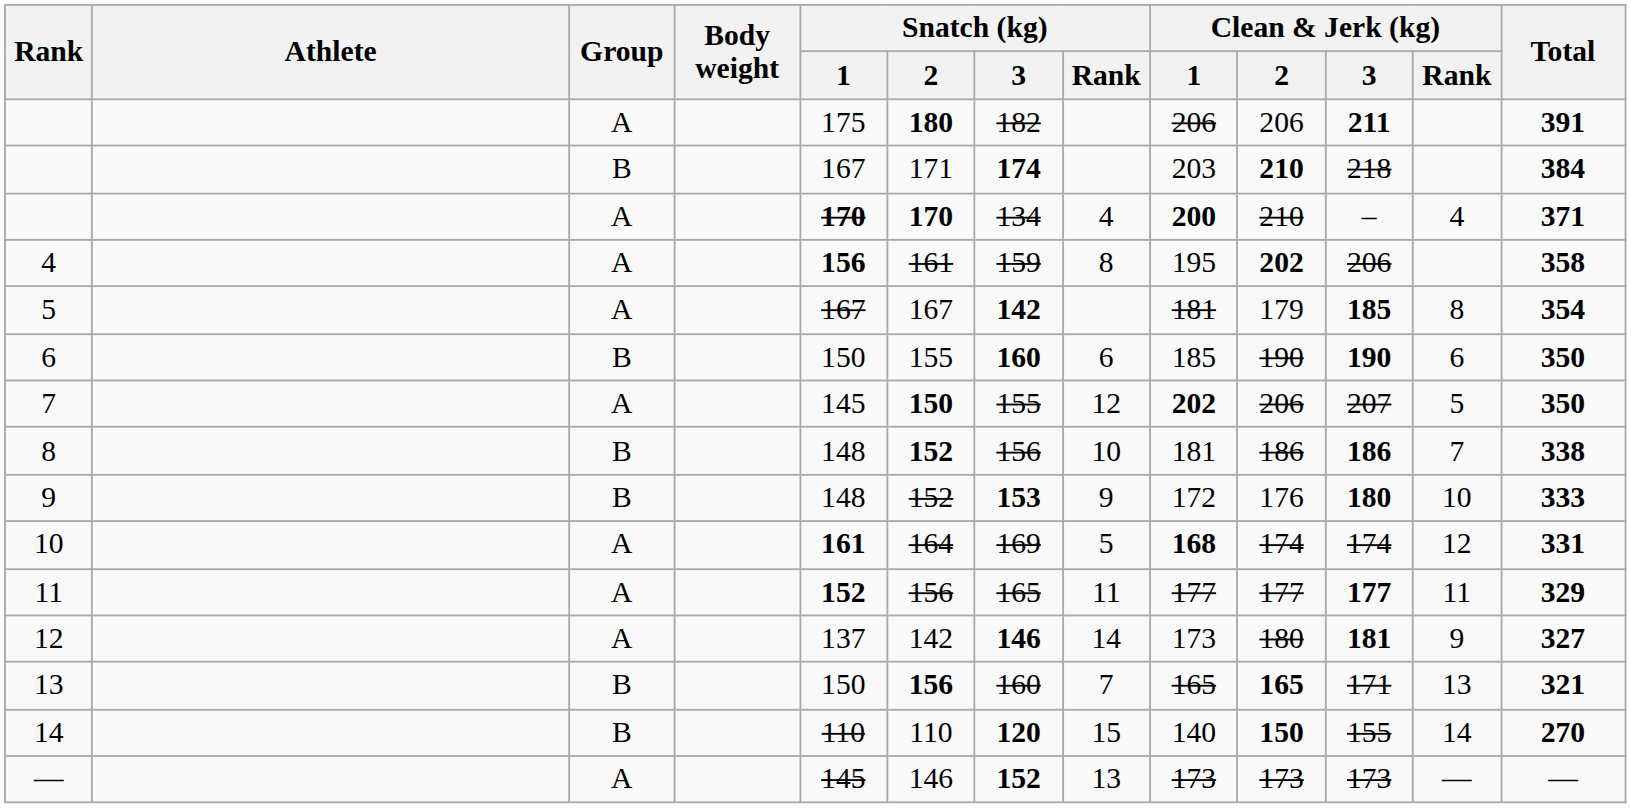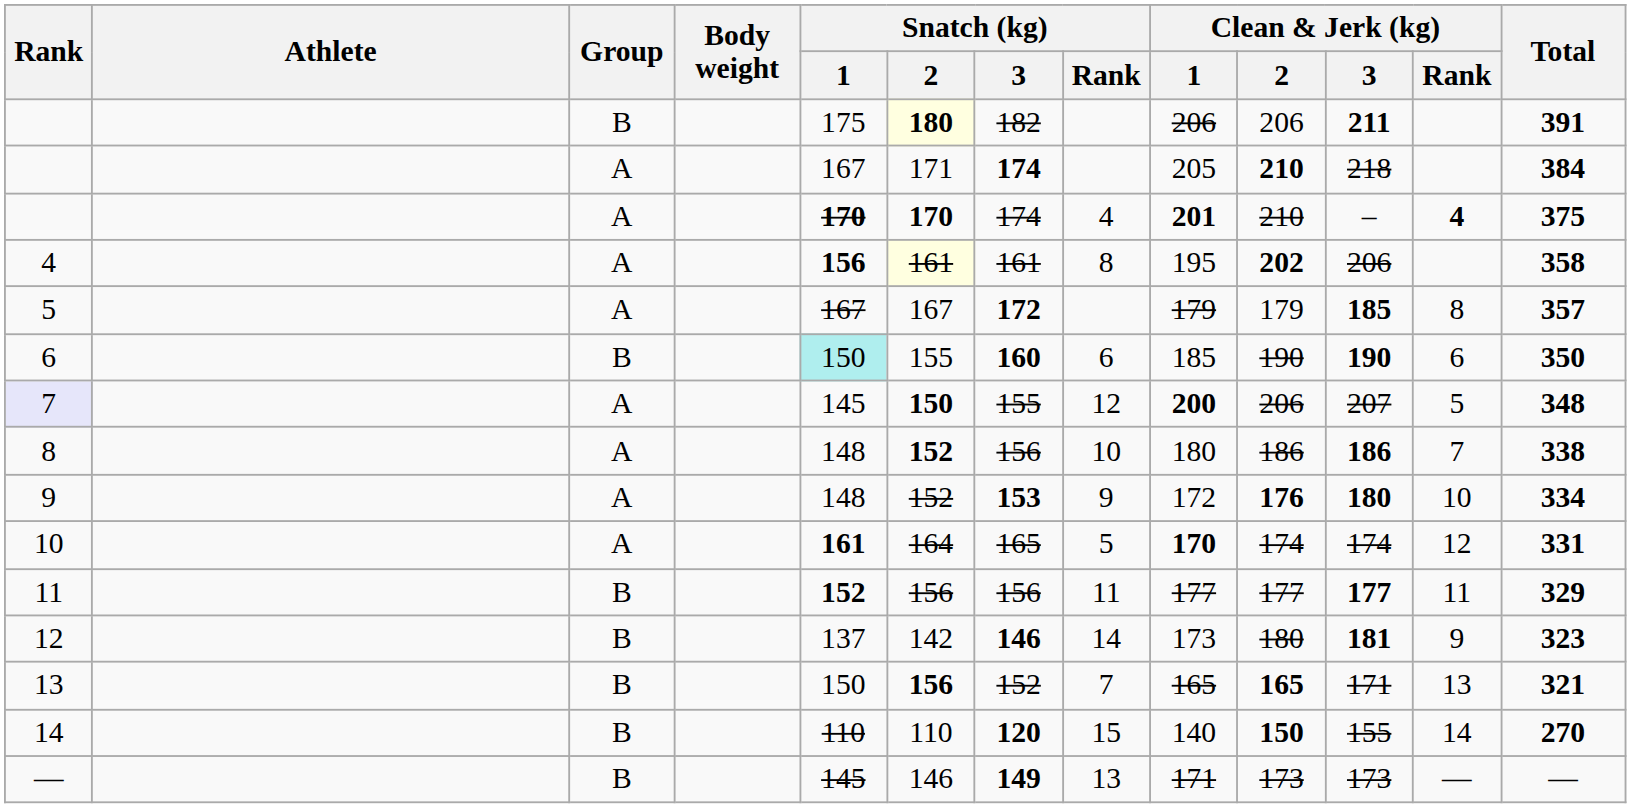 <table class = "wikitable" style="text-align:center;">
 <tr>
 <th rowspan=2 width=40>Rank</th>
 <th rowspan=2 width=250>Athlete</th>
 <th rowspan=2 width=50>Group</th>
 <th rowspan=2 width=60>Body weight</th>
 <th colspan=4>Snatch (kg)</th>
 <th colspan=4>Clean & Jerk (kg)</th>
 <th rowspan=2 width=60>Total</th>
 </tr>
 <tr>
 <th width=40>1</th>
 <th width=40>2</th>
 <th width=40>3</th>
 <th width=40>Rank</th>
 <th width=40>1</th>
 <th width=40>2</th>
 <th width=40>3</th>
 <th width=40>Rank</th>
 </tr>
 <tr>
 <td></td>
 <td align=left></td>
-<td>A</td>
+<td>B</td>
 <td></td>
 <td>175</td>
-<td><strong>180</strong></td>
+<td style="background: lightyellow;"><strong>180</strong></td>
 <td><s>182</s></td>
 <td></td>
 <td><s>206</s></td>
 <td>206</td>
 <td><strong>211</strong></td>
 <td></td>
 <td><strong>391</strong></td>
 </tr>
 <tr>
 <td></td>
 <td align=left></td>
-<td>B</td>
+<td>A</td>
 <td></td>
 <td>167</td>
 <td>171</td>
 <td><strong>174</strong></td>
 <td></td>
-<td>203</td>
+<td>205</td>
 <td><strong>210</strong></td>
 <td><s>218</s></td>
 <td></td>
 <td><strong>384</strong></td>
 </tr>
 <tr>
 <td></td>
 <td align=left></td>
 <td>A</td>
 <td></td>
 <td><strong><s>170</s></strong></td>
 <td><strong>170</strong></td>
-<td><s>134</s></td>
+<td><s>174</s></td>
 <td>4</td>
-<td><strong>200</strong></td>
+<td><strong>201</strong></td>
 <td><s>210</s></td>
 <td>–</td>
-<td>4</td>
-<td><strong>371</strong></td>
+<td><strong>4</strong></td>
+<td><strong>375</strong></td>
 </tr>
 <tr>
 <td>4</td>
 <td align=left></td>
 <td>A</td>
 <td></td>
 <td><strong>156</strong></td>
+<td style="background: lightyellow;"><s>161</s></td>
 <td><s>161</s></td>
-<td><s>159</s></td>
 <td>8</td>
 <td>195</td>
 <td><strong>202</strong></td>
 <td><s>206</s></td>
 <td></td>
 <td><strong>358</strong></td>
 </tr>
 <tr>
 <td>5</td>
 <td align=left></td>
 <td>A</td>
 <td></td>
 <td><s>167</s></td>
 <td>167</td>
-<td><strong>142</strong></td>
+<td><strong>172</strong></td>
 <td></td>
-<td><s>181</s></td>
+<td><s>179</s></td>
 <td>179</td>
 <td><strong>185</strong></td>
 <td>8</td>
-<td><strong>354</strong></td>
+<td><strong>357</strong></td>
 </tr>
 <tr>
 <td>6</td>
 <td align=left></td>
 <td>B</td>
 <td></td>
-<td>150</td>
+<td style="background: paleturquoise;">150</td>
 <td>155</td>
 <td><strong>160</strong></td>
 <td>6</td>
 <td>185</td>
 <td><s>190</s></td>
 <td><strong>190</strong></td>
 <td>6</td>
 <td><strong>350</strong></td>
 </tr>
 <tr>
-<td>7</td>
+<td style="background: lavender;">7</td>
 <td align=left></td>
 <td>A</td>
 <td></td>
 <td>145</td>
 <td><strong>150</strong></td>
 <td><s>155</s></td>
 <td>12</td>
-<td><strong>202</strong></td>
+<td><strong>200</strong></td>
 <td><s>206</s></td>
 <td><s>207</s></td>
 <td>5</td>
-<td><strong>350</strong></td>
+<td><strong>348</strong></td>
 </tr>
 <tr>
 <td>8</td>
 <td align=left></td>
-<td>B</td>
+<td>A</td>
 <td></td>
 <td>148</td>
 <td><strong>152</strong></td>
 <td><s>156</s></td>
 <td>10</td>
-<td>181</td>
+<td>180</td>
 <td><s>186</s></td>
 <td><strong>186</strong></td>
 <td>7</td>
 <td><strong>338</strong></td>
 </tr>
 <tr>
 <td>9</td>
 <td align=left></td>
-<td>B</td>
+<td>A</td>
 <td></td>
 <td>148</td>
 <td><s>152</s></td>
 <td><strong>153</strong></td>
 <td>9</td>
 <td>172</td>
-<td>176</td>
+<td><strong>176</strong></td>
 <td><strong>180</strong></td>
 <td>10</td>
-<td><strong>333</strong></td>
+<td><strong>334</strong></td>
 </tr>
 <tr>
 <td>10</td>
 <td align=left></td>
 <td>A</td>
 <td></td>
 <td><strong>161</strong></td>
 <td><s>164</s></td>
-<td><s>169</s></td>
+<td><s>165</s></td>
 <td>5</td>
-<td><strong>168</strong></td>
+<td><strong>170</strong></td>
 <td><s>174</s></td>
 <td><s>174</s></td>
 <td>12</td>
 <td><strong>331</strong></td>
 </tr>
 <tr>
 <td>11</td>
 <td align=left></td>
-<td>A</td>
+<td>B</td>
 <td></td>
 <td><strong>152</strong></td>
 <td><s>156</s></td>
-<td><s>165</s></td>
+<td><s>156</s></td>
 <td>11</td>
 <td><s>177</s></td>
 <td><s>177</s></td>
 <td><strong>177</strong></td>
 <td>11</td>
 <td><strong>329</strong></td>
 </tr>
 <tr>
 <td>12</td>
 <td align=left></td>
-<td>A</td>
+<td>B</td>
 <td></td>
 <td>137</td>
 <td>142</td>
 <td><strong>146</strong></td>
 <td>14</td>
 <td>173</td>
 <td><s>180</s></td>
 <td><strong>181</strong></td>
 <td>9</td>
-<td><strong>327</strong></td>
+<td><strong>323</strong></td>
 </tr>
 <tr>
 <td>13</td>
 <td align=left></td>
 <td>B</td>
 <td></td>
 <td>150</td>
 <td><strong>156</strong></td>
-<td><s>160</s></td>
+<td><s>152</s></td>
 <td>7</td>
 <td><s>165</s></td>
 <td><strong>165</strong></td>
 <td><s>171</s></td>
 <td>13</td>
 <td><strong>321</strong></td>
 </tr>
 <tr>
 <td>14</td>
 <td align=left></td>
 <td>B</td>
 <td></td>
 <td><s>110</s></td>
 <td>110</td>
 <td><strong>120</strong></td>
 <td>15</td>
 <td>140</td>
 <td><strong>150</strong></td>
 <td><s>155</s></td>
 <td>14</td>
 <td><strong>270</strong></td>
 </tr>
 <tr>
 <td>—</td>
 <td align=left></td>
-<td>A</td>
+<td>B</td>
 <td></td>
 <td><s>145</s></td>
 <td>146</td>
-<td><strong>152</strong></td>
+<td><strong>149</strong></td>
 <td>13</td>
-<td><s>173</s></td>
+<td><s>171</s></td>
 <td><s>173</s></td>
 <td><s>173</s></td>
 <td>—</td>
 <td>—</td>
 </tr>
 </table>
